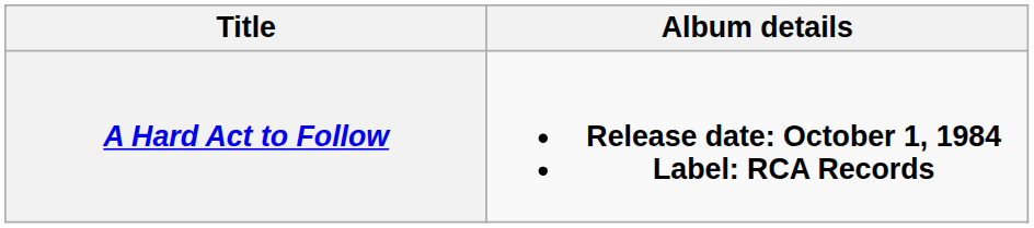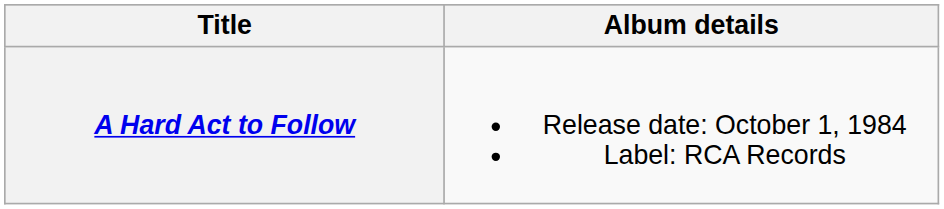 <table class="wikitable plainrowheaders" style="text-align:center;">
 <tr>
 <th style="width:16em;">Title</th>
 <th style="width:18em;">Album details</th>
 </tr>
 <tr>
 <th scope="row"><em><a href='#'>A Hard Act to Follow</a></em></th>
-<td><strong><br><ul><li>Release date: October 1, 1984</li><li>Label: RCA Records</li></ul></strong></td>
+<td><br><ul><li>Release date: October 1, 1984</li><li>Label: RCA Records</li></ul></td>
 </tr>
 </table>
